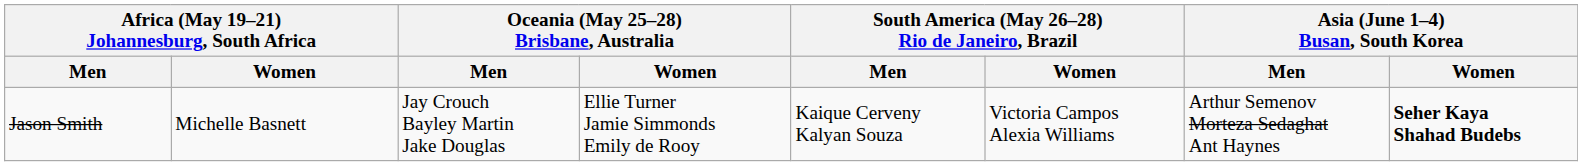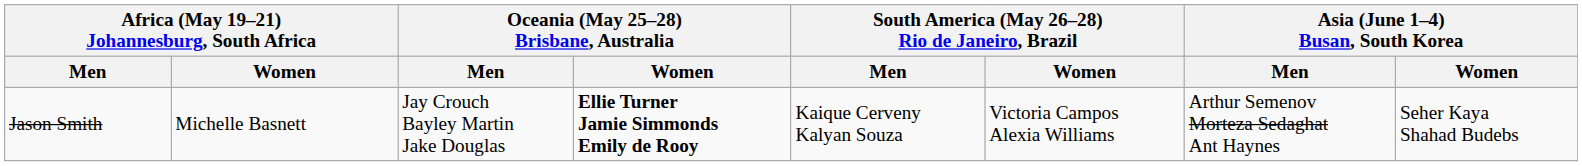 <table class="wikitable" style=width:82em>
 <tr>
 <th colspan="2" style="width: 18em;">Africa (May 19–21) <br><a href='#'>Johannesburg</a>, South Africa</th>
 <th colspan="2" style="width: 18em;">Oceania (May 25–28) <br><a href='#'>Brisbane</a>, Australia</th>
 <th colspan="2" style="width: 18em;">South America (May 26–28) <br><a href='#'>Rio de Janeiro</a>, Brazil</th>
 <th colspan="2" style="width: 18em;">Asia (June 1–4) <br><a href='#'>Busan</a>, South Korea</th>
 </tr>
 <tr>
 <th><strong>Men</strong></th>
 <th><strong>Women</strong></th>
 <th><strong>Men</strong></th>
 <th><strong>Women</strong></th>
 <th><strong>Men</strong></th>
 <th><strong>Women</strong></th>
 <th><strong>Men</strong></th>
 <th><strong>Women</strong></th>
 </tr>
 <tr>
 <td><s> Jason Smith</s></td>
 <td> Michelle Basnett</td>
 <td> Jay Crouch<br> Bayley Martin<br> Jake Douglas</td>
-<td> Ellie Turner<br> Jamie Simmonds<br> Emily de Rooy</td>
+<td><strong> Ellie Turner<br> Jamie Simmonds<br> Emily de Rooy</strong></td>
 <td> Kaique Cerveny<br> Kalyan Souza</td>
 <td> Victoria Campos<br> Alexia Williams</td>
 <td> Arthur Semenov <br><s> Morteza Sedaghat</s><br>  Ant Haynes</td>
-<td><strong> Seher Kaya<br> Shahad Budebs</strong></td>
+<td> Seher Kaya<br> Shahad Budebs</td>
 </tr>
 </table>
